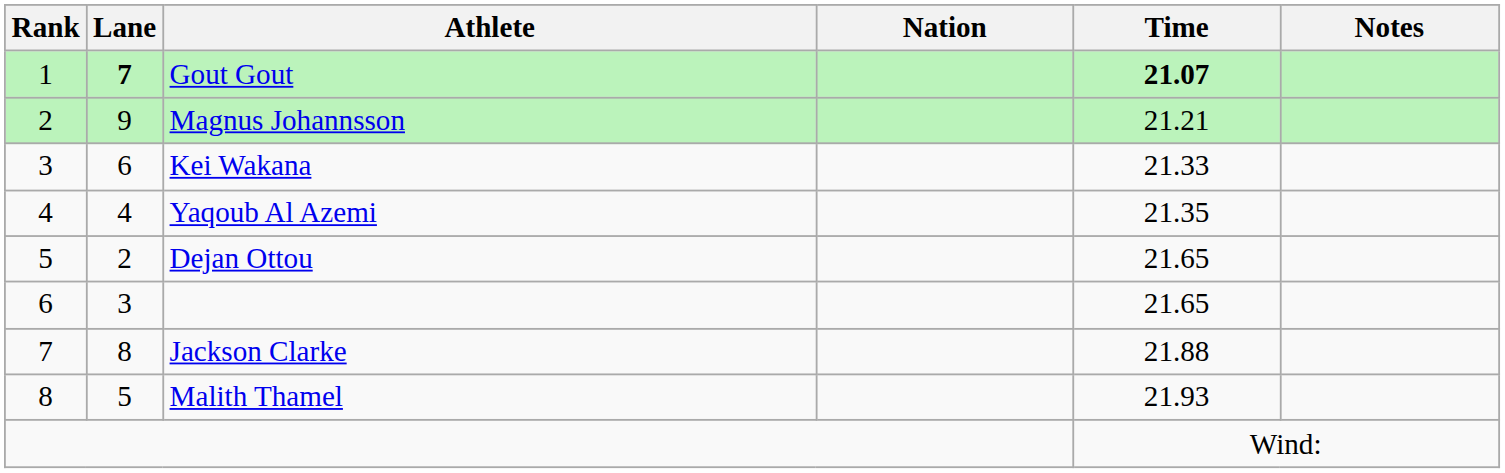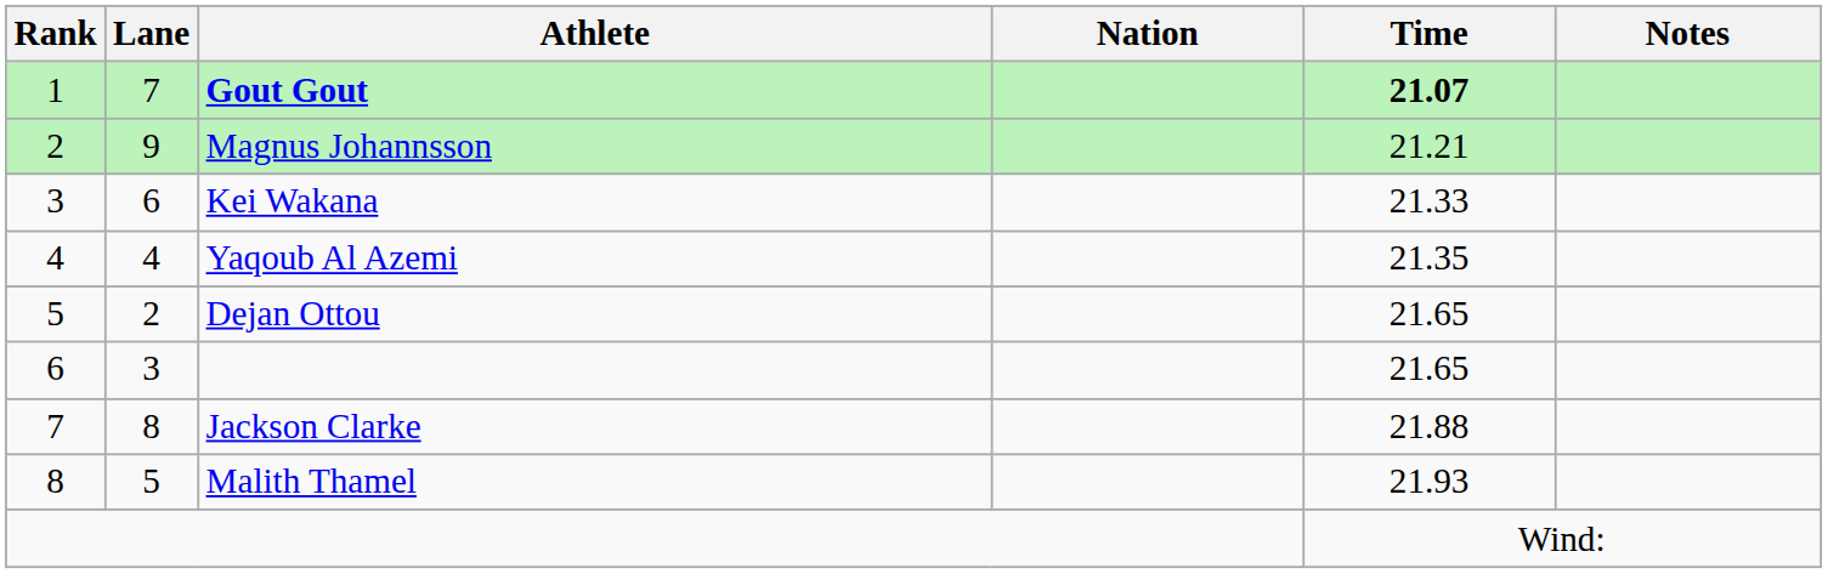 <table class="wikitable sortable" style="text-align:center;width: 65%;">
 <tr>
 <th scope="col" style="width: 10px;">Rank</th>
 <th scope="col" style="width: 10px;">Lane</th>
 <th scope="col">Athlete</th>
 <th scope="col">Nation</th>
 <th scope="col">Time</th>
 <th scope="col">Notes</th>
 </tr>
 <tr bgcolor=bbf3bb>
 <td>1</td>
-<td><strong>7</strong></td>
-<td align=left><a href='#'>Gout Gout</a></td>
+<td>7</td>
+<td align=left><strong><a href='#'>Gout Gout</a></strong></td>
 <td align=left></td>
 <td><strong>21.07</strong></td>
 <td></td>
 </tr>
 <tr bgcolor=bbf3bb>
 <td>2</td>
 <td>9</td>
 <td align=left><a href='#'>Magnus Johannsson</a></td>
 <td align=left></td>
 <td>21.21</td>
 <td></td>
 </tr>
 <tr>
 <td>3</td>
 <td>6</td>
 <td align=left><a href='#'>Kei Wakana</a></td>
 <td align=left></td>
 <td>21.33</td>
 <td></td>
 </tr>
 <tr>
 <td>4</td>
 <td>4</td>
 <td align=left><a href='#'>Yaqoub Al Azemi</a></td>
 <td align=left></td>
 <td>21.35</td>
 <td></td>
 </tr>
 <tr>
 <td>5</td>
 <td>2</td>
 <td align=left><a href='#'>Dejan Ottou</a></td>
 <td align=left></td>
 <td>21.65 </td>
 <td></td>
 </tr>
 <tr>
 <td>6</td>
 <td>3</td>
 <td align=left></td>
 <td align=left></td>
 <td>21.65 </td>
 <td></td>
 </tr>
 <tr>
 <td>7</td>
 <td>8</td>
 <td align=left><a href='#'>Jackson Clarke</a></td>
 <td align=left></td>
 <td>21.88</td>
 <td></td>
 </tr>
 <tr>
 <td>8</td>
 <td>5</td>
 <td align=left><a href='#'>Malith Thamel</a></td>
 <td align=left></td>
 <td>21.93</td>
 <td></td>
 </tr>
 <tr class="sortbottom">
 <td colspan="4"></td>
 <td colspan="2">Wind: </td>
 </tr>
 </table>
